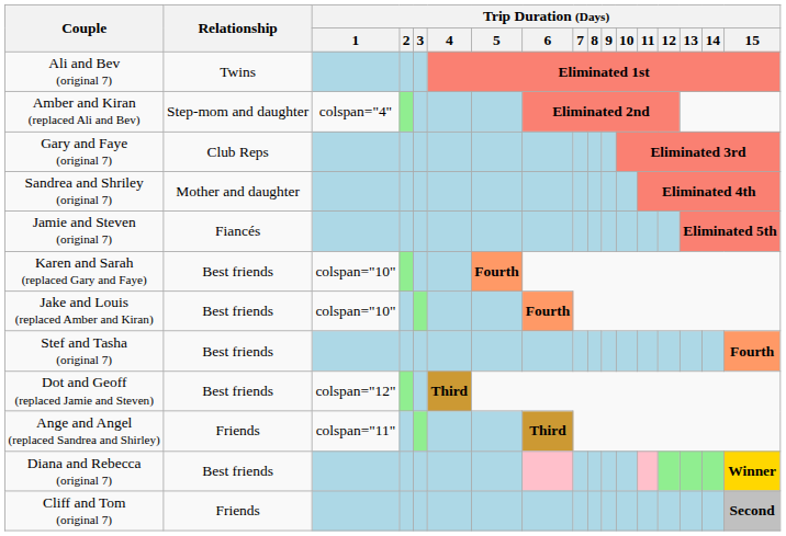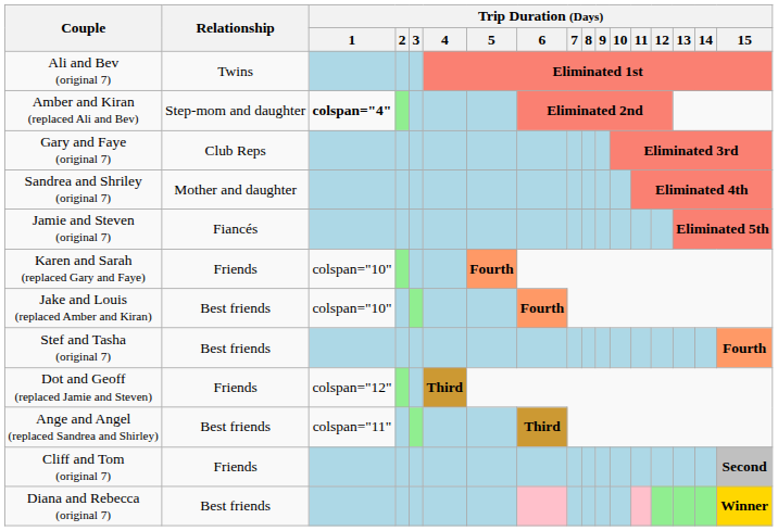 <table class="wikitable" style="text-align:center;">
 <tr>
 <th rowspan="2">Couple</th>
 <th rowspan="2">Relationship</th>
 <th colspan="15">Trip Duration <small>(Days)</small></th>
 </tr>
 <tr>
 <th>1</th>
 <th>2</th>
 <th>3</th>
 <th>4</th>
 <th>5</th>
 <th>6</th>
 <th>7</th>
 <th>8</th>
 <th>9</th>
 <th>10</th>
 <th>11</th>
 <th>12</th>
 <th>13</th>
 <th>14</th>
 <th>15</th>
 </tr>
 <tr>
 <td>Ali and Bev<br><small>(original 7)</small></td>
 <td>Twins</td>
 <td style="background:lightblue;"></td>
 <td style="background:lightblue;"></td>
 <td style="background:lightblue;"></td>
 <td colspan="12" style="background:#fa8072;"><strong>Eliminated 1st</strong></td>
 </tr>
 <tr>
 <td>Amber and Kiran<br><small>(replaced Ali and Bev)</small></td>
 <td>Step-mom and daughter</td>
-<td>colspan="4" </td>
+<td><strong>colspan="4" </strong></td>
 <td style="background:lightgreen;"></td>
 <td style="background:lightblue;"></td>
 <td style="background:lightblue;"></td>
 <td style="background:lightblue;"></td>
 <td colspan="7" style="background:#fa8072;"><strong>Eliminated 2nd</strong></td>
 </tr>
 <tr>
 <td>Gary and Faye<br><small>(original 7)</small></td>
 <td>Club Reps</td>
 <td style="background:lightblue;"></td>
 <td style="background:lightblue;"></td>
 <td style="background:lightblue;"></td>
 <td style="background:lightblue;"></td>
 <td style="background:lightblue;"></td>
 <td style="background:lightblue;"></td>
 <td style="background:lightblue;"></td>
 <td style="background:lightblue;"></td>
 <td style="background:lightblue;"></td>
 <td colspan="6" style="background:#fa8072;"><strong>Eliminated 3rd</strong></td>
 </tr>
 <tr>
 <td>Sandrea and Shriley<br><small>(original 7)</small></td>
 <td>Mother and daughter</td>
 <td style="background:lightblue;"></td>
 <td style="background:lightblue;"></td>
 <td style="background:lightblue;"></td>
 <td style="background:lightblue;"></td>
 <td style="background:lightblue;"></td>
 <td style="background:lightblue;"></td>
 <td style="background:lightblue;"></td>
 <td style="background:lightblue;"></td>
 <td style="background:lightblue;"></td>
 <td style="background:lightblue;"></td>
 <td colspan="5" style="background:#fa8072;"><strong>Eliminated 4th</strong></td>
 </tr>
 <tr>
 <td>Jamie and Steven<br><small>(original 7)</small></td>
 <td>Fiancés</td>
 <td style="background:lightblue;"></td>
 <td style="background:lightblue;"></td>
 <td style="background:lightblue;"></td>
 <td style="background:lightblue;"></td>
 <td style="background:lightblue;"></td>
 <td style="background:lightblue;"></td>
 <td style="background:lightblue;"></td>
 <td style="background:lightblue;"></td>
 <td style="background:lightblue;"></td>
 <td style="background:lightblue;"></td>
 <td style="background:lightblue;"></td>
 <td style="background:lightblue;"></td>
 <td colspan="3" style="background:#fa8072;"><strong>Eliminated 5th</strong></td>
 </tr>
 <tr>
 <td>Karen and Sarah<br><small>(replaced Gary and Faye)</small></td>
-<td>Best friends</td>
+<td>Friends</td>
 <td>colspan="10" </td>
 <td style="background:lightgreen;"></td>
 <td style="background:lightblue;"></td>
 <td style="background:lightblue;"></td>
 <td style="background:#ff9966;"><strong>Fourth</strong></td>
 </tr>
 <tr>
 <td>Jake and Louis<br><small>(replaced Amber and Kiran)</small></td>
 <td>Best friends</td>
 <td>colspan="10" </td>
 <td style="background:lightblue;"></td>
 <td style="background:lightgreen;"></td>
 <td style="background:lightblue;"></td>
 <td style="background:lightblue;"></td>
 <td style="background:#ff9966;"><strong>Fourth</strong></td>
 </tr>
 <tr>
 <td>Stef and Tasha<br><small>(original 7)</small></td>
 <td>Best friends</td>
 <td style="background:lightblue;"></td>
 <td style="background:lightblue;"></td>
 <td style="background:lightblue;"></td>
 <td style="background:lightblue;"></td>
 <td style="background:lightblue;"></td>
 <td style="background:lightblue;"></td>
 <td style="background:lightblue;"></td>
 <td style="background:lightblue;"></td>
 <td style="background:lightblue;"></td>
 <td style="background:lightblue;"></td>
 <td style="background:lightblue;"></td>
 <td style="background:lightblue;"></td>
 <td style="background:lightblue;"></td>
 <td style="background:lightblue;"></td>
 <td style="background:#ff9966;"><strong>Fourth</strong></td>
 </tr>
 <tr>
 <td>Dot and Geoff<br><small>(replaced Jamie and Steven)</small></td>
-<td>Best friends</td>
+<td>Friends</td>
 <td>colspan="12" </td>
 <td style="background:lightgreen;"></td>
 <td style="background:lightblue;"></td>
 <td style="background:#cc9933;"><strong>Third</strong></td>
 </tr>
 <tr>
 <td>Ange and Angel<br><small>(replaced Sandrea and Shirley)</small></td>
-<td>Friends</td>
+<td>Best friends</td>
 <td>colspan="11" </td>
 <td style="background:lightblue;"></td>
 <td style="background:lightgreen;"></td>
 <td style="background:lightblue;"></td>
 <td style="background:lightblue;"></td>
 <td style="background:#cc9933;"><strong>Third</strong></td>
+</tr>
+<tr>
+<td>Cliff and Tom<br><small>(original 7)</small></td>
+<td>Friends</td>
+<td style="background:lightblue;"></td>
+<td style="background:lightblue;"></td>
+<td style="background:lightblue;"></td>
+<td style="background:lightblue;"></td>
+<td style="background:lightblue;"></td>
+<td style="background:lightblue;"></td>
+<td style="background:lightblue;"></td>
+<td style="background:lightblue;"></td>
+<td style="background:lightblue;"></td>
+<td style="background:lightblue;"></td>
+<td style="background:lightblue;"></td>
+<td style="background:lightblue;"></td>
+<td style="background:lightblue;"></td>
+<td style="background:lightblue;"></td>
+<td style="background:silver;"><strong>Second</strong></td>
 </tr>
 <tr>
 <td>Diana and Rebecca<br><small>(original 7)</small></td>
 <td>Best friends</td>
 <td style="background:lightblue;"></td>
 <td style="background:lightblue;"></td>
 <td style="background:lightblue;"></td>
 <td style="background:lightblue;"></td>
 <td style="background:lightblue;"></td>
 <td style="background:pink;"></td>
 <td style="background:lightblue;"></td>
 <td style="background:lightblue;"></td>
 <td style="background:lightblue;"></td>
 <td style="background:lightblue;"></td>
 <td style="background:pink;"></td>
 <td style="background:lightgreen;"></td>
 <td style="background:lightgreen;"></td>
 <td style="background:lightgreen;"></td>
 <td style="background:gold;"><strong>Winner</strong></td>
 </tr>
-<tr>
-<td>Cliff and Tom<br><small>(original 7)</small></td>
-<td>Friends</td>
-<td style="background:lightblue;"></td>
-<td style="background:lightblue;"></td>
-<td style="background:lightblue;"></td>
-<td style="background:lightblue;"></td>
-<td style="background:lightblue;"></td>
-<td style="background:lightblue;"></td>
-<td style="background:lightblue;"></td>
-<td style="background:lightblue;"></td>
-<td style="background:lightblue;"></td>
-<td style="background:lightblue;"></td>
-<td style="background:lightblue;"></td>
-<td style="background:lightblue;"></td>
-<td style="background:lightblue;"></td>
-<td style="background:lightblue;"></td>
-<td style="background:silver;"><strong>Second</strong></td>
-</tr>
 </table>
